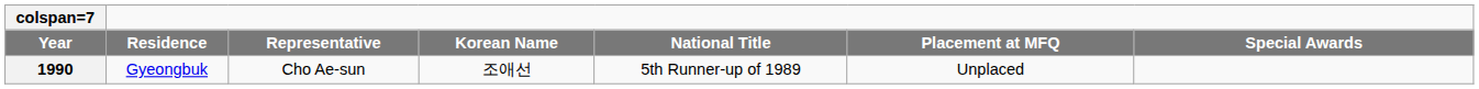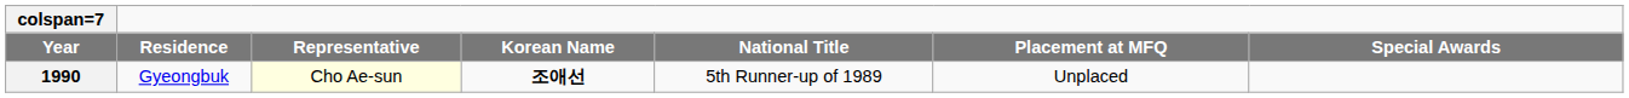 <table class="wikitable sortable" style="font-size: 85%; text-align:center">
 <tr>
 <th>colspan=7 </th>
 </tr>
 <tr>
 <th width="80" style="background-color:#787878;color:#FFFFFF;">Year</th>
 <th width="100" style="background-color:#787878;color:#FFFFFF;">Residence</th>
 <th width="160" style="background-color:#787878;color:#FFFFFF;">Representative</th>
 <th width="150" style="background-color:#787878;color:#FFFFFF;">Korean Name</th>
 <th width="220" style="background-color:#787878;color:#FFFFFF;">National Title</th>
 <th width="250" style="background-color:#787878;color:#FFFFFF;">Placement at MFQ</th>
 <th width="300" style="background-color:#787878;color:#FFFFFF;">Special Awards</th>
 </tr>
 <tr>
 <th>1990</th>
 <td><a href='#'>Gyeongbuk</a></td>
-<td>Cho Ae-sun</td>
-<td>조애선</td>
+<td style="background: lightyellow;">Cho Ae-sun</td>
+<td><strong>조애선</strong></td>
 <td>5th Runner-up of 1989</td>
 <td>Unplaced</td>
 <td></td>
 </tr>
 </table>
